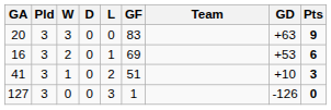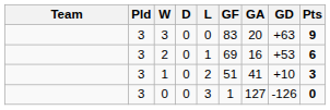 <table class="wikitable" style="text-align:center;">
 <tr>
-<th width=20>GA</th>
+<th width=150>Team</th>
 <th width=20>Pld</th>
 <th width=20>W</th>
 <th width=20>D</th>
 <th width=20>L</th>
 <th width=20>GF</th>
-<th width=150>Team</th>
+<th width=20>GA</th>
 <th width=20>GD</th>
 <th width=20>Pts</th>
 </tr>
 <tr>
-<td>20</td>
+<td align="left"></td>
 <td>3</td>
 <td>3</td>
 <td>0</td>
 <td>0</td>
 <td>83</td>
-<td align="left"></td>
+<td>20</td>
 <td>+63</td>
 <td><strong>9</strong></td>
 </tr>
 <tr>
-<td>16</td>
+<td align="left"></td>
 <td>3</td>
 <td>2</td>
 <td>0</td>
 <td>1</td>
 <td>69</td>
-<td align="left"></td>
+<td>16</td>
 <td>+53</td>
 <td><strong>6</strong></td>
 </tr>
 <tr>
-<td>41</td>
+<td align="left"></td>
 <td>3</td>
 <td>1</td>
 <td>0</td>
 <td>2</td>
 <td>51</td>
-<td align="left"></td>
+<td>41</td>
 <td>+10</td>
 <td><strong>3</strong></td>
 </tr>
 <tr>
-<td>127</td>
+<td align="left"></td>
 <td>3</td>
 <td>0</td>
 <td>0</td>
 <td>3</td>
 <td>1</td>
-<td align="left"></td>
+<td>127</td>
 <td>-126</td>
 <td><strong>0</strong></td>
 </tr>
 </table>
